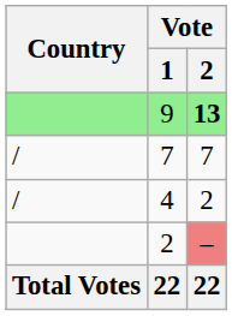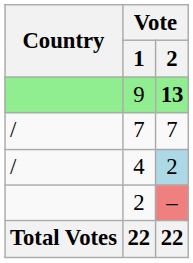 <table class="wikitable" style="margin: 0 auto; text-align: center;">
 <tr>
 <th rowspan="2">Country</th>
 <th colspan="2">Vote</th>
 </tr>
 <tr>
 <th>1</th>
 <th>2</th>
 </tr>
 <tr bgcolor=#90EE90>
 <td align=left><strong></strong></td>
 <td>9</td>
 <td><strong>13</strong></td>
 </tr>
 <tr>
 <td align=left>/</td>
 <td>7</td>
 <td>7</td>
 </tr>
 <tr>
 <td align=left>/</td>
 <td>4</td>
-<td>2</td>
+<td style="background: lightblue;">2</td>
 </tr>
 <tr>
 <td align=left></td>
 <td>2</td>
 <td bgcolor=#F08080>–</td>
 </tr>
 <tr>
 <th align=left>Total Votes</th>
 <th>22</th>
 <th>22</th>
 </tr>
 </table>
